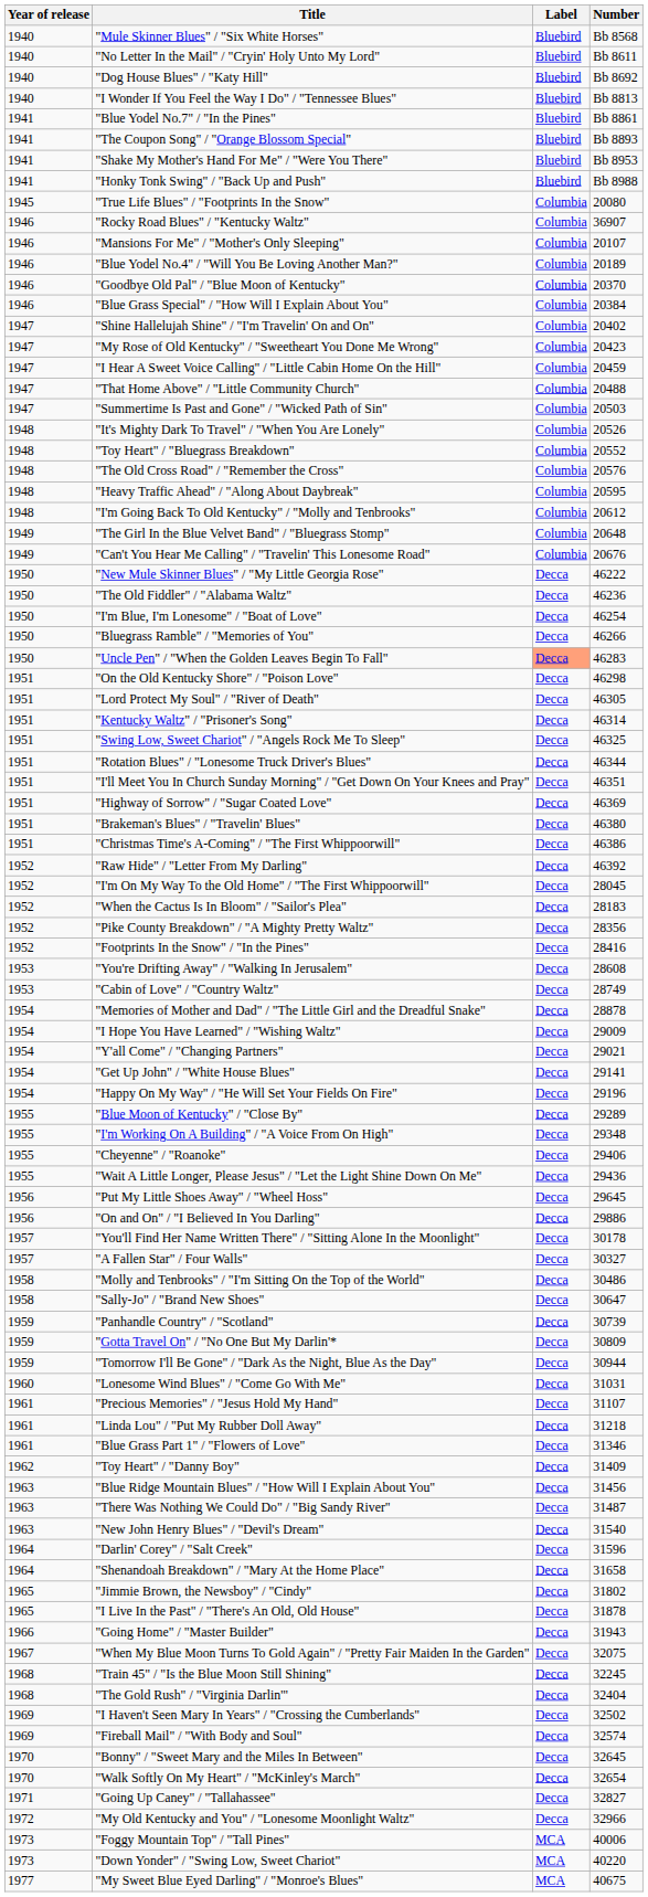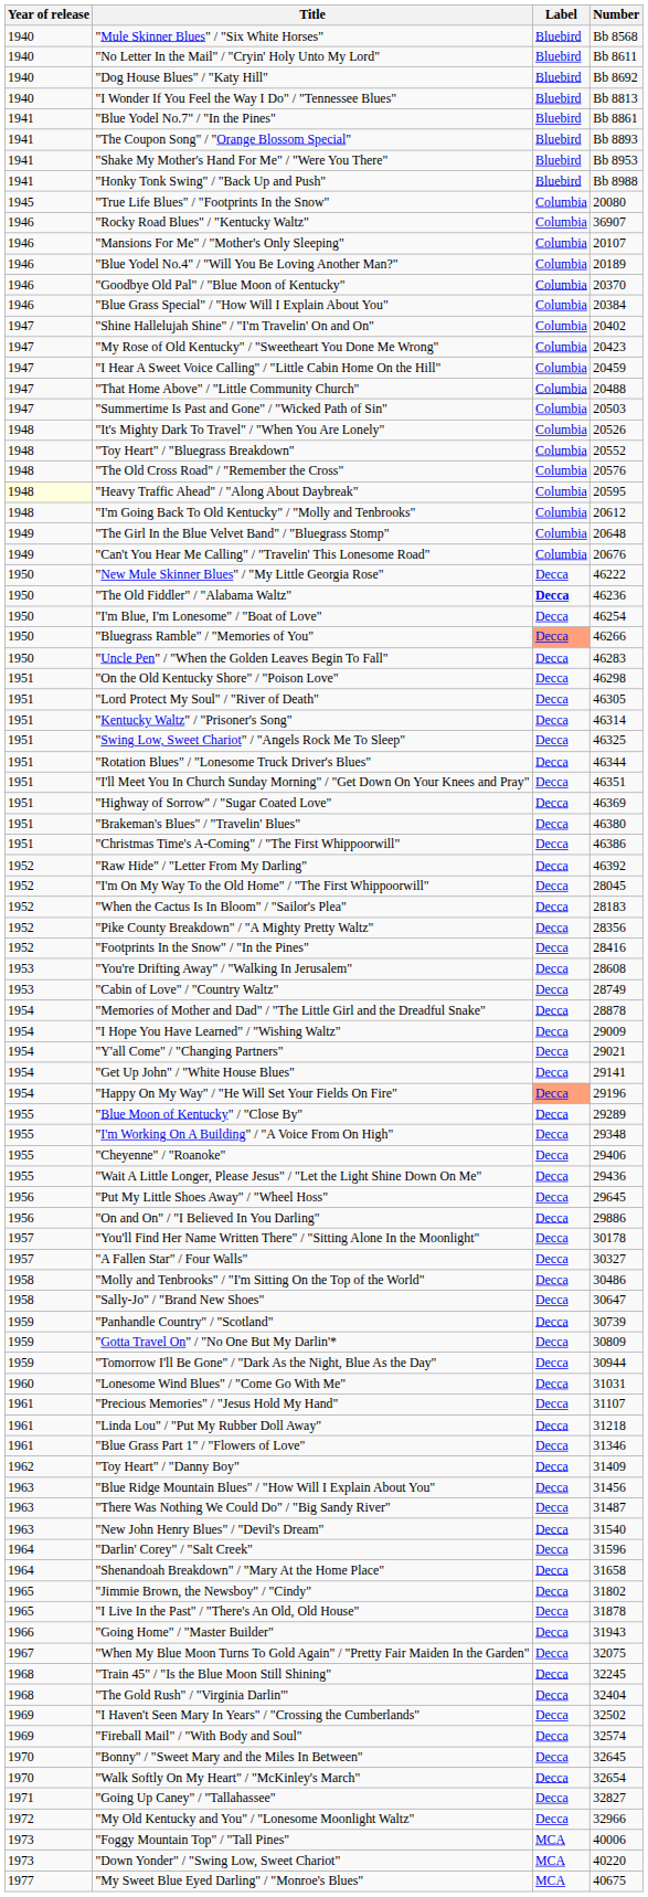 <table class="wikitable">
 <tr>
 <th>Year of release</th>
 <th>Title</th>
 <th>Label</th>
 <th>Number</th>
 </tr>
 <tr>
 <td>1940</td>
 <td>"<a href='#'>Mule Skinner Blues</a>" / "Six White Horses"</td>
 <td><a href='#'>Bluebird</a></td>
 <td>Bb 8568</td>
 </tr>
 <tr>
 <td>1940</td>
 <td>"No Letter In the Mail" / "Cryin' Holy Unto My Lord"</td>
 <td><a href='#'>Bluebird</a></td>
 <td>Bb 8611</td>
 </tr>
 <tr>
 <td>1940</td>
 <td>"Dog House Blues" / "Katy Hill"</td>
 <td><a href='#'>Bluebird</a></td>
 <td>Bb 8692</td>
 </tr>
 <tr>
 <td>1940</td>
 <td>"I Wonder If You Feel the Way I Do" / "Tennessee Blues"</td>
 <td><a href='#'>Bluebird</a></td>
 <td>Bb 8813</td>
 </tr>
 <tr>
 <td>1941</td>
 <td>"Blue Yodel No.7" / "In the Pines"</td>
 <td><a href='#'>Bluebird</a></td>
 <td>Bb 8861</td>
 </tr>
 <tr>
 <td>1941</td>
 <td>"The Coupon Song" / "<a href='#'>Orange Blossom Special</a>"</td>
 <td><a href='#'>Bluebird</a></td>
 <td>Bb 8893</td>
 </tr>
 <tr>
 <td>1941</td>
 <td>"Shake My Mother's Hand For Me" / "Were You There"</td>
 <td><a href='#'>Bluebird</a></td>
 <td>Bb 8953</td>
 </tr>
 <tr>
 <td>1941</td>
 <td>"Honky Tonk Swing" / "Back Up and Push"</td>
 <td><a href='#'>Bluebird</a></td>
 <td>Bb 8988</td>
 </tr>
 <tr>
 <td>1945</td>
 <td>"True Life Blues" / "Footprints In the Snow"</td>
 <td><a href='#'>Columbia</a></td>
 <td>20080</td>
 </tr>
 <tr>
 <td>1946</td>
 <td>"Rocky Road Blues" / "Kentucky Waltz"</td>
 <td><a href='#'>Columbia</a></td>
 <td>36907</td>
 </tr>
 <tr>
 <td>1946</td>
 <td>"Mansions For Me" / "Mother's Only Sleeping"</td>
 <td><a href='#'>Columbia</a></td>
 <td>20107</td>
 </tr>
 <tr>
 <td>1946</td>
 <td>"Blue Yodel No.4" / "Will You Be Loving Another Man?"</td>
 <td><a href='#'>Columbia</a></td>
 <td>20189</td>
 </tr>
 <tr>
 <td>1946</td>
 <td>"Goodbye Old Pal" / "Blue Moon of Kentucky"</td>
 <td><a href='#'>Columbia</a></td>
 <td>20370</td>
 </tr>
 <tr>
 <td>1946</td>
 <td>"Blue Grass Special" / "How Will I Explain About You"</td>
 <td><a href='#'>Columbia</a></td>
 <td>20384</td>
 </tr>
 <tr>
 <td>1947</td>
 <td>"Shine Hallelujah Shine" / "I'm Travelin' On and On"</td>
 <td><a href='#'>Columbia</a></td>
 <td>20402</td>
 </tr>
 <tr>
 <td>1947</td>
 <td>"My Rose of Old Kentucky" / "Sweetheart You Done Me Wrong"</td>
 <td><a href='#'>Columbia</a></td>
 <td>20423</td>
 </tr>
 <tr>
 <td>1947</td>
 <td>"I Hear A Sweet Voice Calling" / "Little Cabin Home On the Hill"</td>
 <td><a href='#'>Columbia</a></td>
 <td>20459</td>
 </tr>
 <tr>
 <td>1947</td>
 <td>"That Home Above" / "Little Community Church"</td>
 <td><a href='#'>Columbia</a></td>
 <td>20488</td>
 </tr>
 <tr>
 <td>1947</td>
 <td>"Summertime Is Past and Gone" / "Wicked Path of Sin"</td>
 <td><a href='#'>Columbia</a></td>
 <td>20503</td>
 </tr>
 <tr>
 <td>1948</td>
 <td>"It's Mighty Dark To Travel" / "When You Are Lonely"</td>
 <td><a href='#'>Columbia</a></td>
 <td>20526</td>
 </tr>
 <tr>
 <td>1948</td>
 <td>"Toy Heart" / "Bluegrass Breakdown"</td>
 <td><a href='#'>Columbia</a></td>
 <td>20552</td>
 </tr>
 <tr>
 <td>1948</td>
 <td>"The Old Cross Road" / "Remember the Cross"</td>
 <td><a href='#'>Columbia</a></td>
 <td>20576</td>
 </tr>
 <tr>
-<td>1948</td>
+<td style="background: lightyellow;">1948</td>
 <td>"Heavy Traffic Ahead" / "Along About Daybreak"</td>
 <td><a href='#'>Columbia</a></td>
 <td>20595</td>
 </tr>
 <tr>
 <td>1948</td>
 <td>"I'm Going Back To Old Kentucky" / "Molly and Tenbrooks"</td>
 <td><a href='#'>Columbia</a></td>
 <td>20612</td>
 </tr>
 <tr>
 <td>1949</td>
 <td>"The Girl In the Blue Velvet Band" / "Bluegrass Stomp"</td>
 <td><a href='#'>Columbia</a></td>
 <td>20648</td>
 </tr>
 <tr>
 <td>1949</td>
 <td>"Can't You Hear Me Calling" / "Travelin' This Lonesome Road"</td>
 <td><a href='#'>Columbia</a></td>
 <td>20676</td>
 </tr>
 <tr>
 <td>1950</td>
 <td>"<a href='#'>New Mule Skinner Blues</a>" / "My Little Georgia Rose"</td>
 <td><a href='#'>Decca</a></td>
 <td>46222</td>
 </tr>
 <tr>
 <td>1950</td>
 <td>"The Old Fiddler" / "Alabama Waltz"</td>
-<td><a href='#'>Decca</a></td>
+<td><strong><a href='#'>Decca</a></strong></td>
 <td>46236</td>
 </tr>
 <tr>
 <td>1950</td>
 <td>"I'm Blue, I'm Lonesome" / "Boat of Love"</td>
 <td><a href='#'>Decca</a></td>
 <td>46254</td>
 </tr>
 <tr>
 <td>1950</td>
 <td>"Bluegrass Ramble" / "Memories of You"</td>
-<td><a href='#'>Decca</a></td>
+<td style="background: lightsalmon;"><a href='#'>Decca</a></td>
 <td>46266</td>
 </tr>
 <tr>
 <td>1950</td>
 <td>"<a href='#'>Uncle Pen</a>" / "When the Golden Leaves Begin To Fall"</td>
-<td style="background: lightsalmon;"><a href='#'>Decca</a></td>
+<td><a href='#'>Decca</a></td>
 <td>46283</td>
 </tr>
 <tr>
 <td>1951</td>
 <td>"On the Old Kentucky Shore" / "Poison Love"</td>
 <td><a href='#'>Decca</a></td>
 <td>46298</td>
 </tr>
 <tr>
 <td>1951</td>
 <td>"Lord Protect My Soul" / "River of Death"</td>
 <td><a href='#'>Decca</a></td>
 <td>46305</td>
 </tr>
 <tr>
 <td>1951</td>
 <td>"<a href='#'>Kentucky Waltz</a>" / "Prisoner's Song"</td>
 <td><a href='#'>Decca</a></td>
 <td>46314</td>
 </tr>
 <tr>
 <td>1951</td>
 <td>"<a href='#'>Swing Low, Sweet Chariot</a>" / "Angels Rock Me To Sleep"</td>
 <td><a href='#'>Decca</a></td>
 <td>46325</td>
 </tr>
 <tr>
 <td>1951</td>
 <td>"Rotation Blues" / "Lonesome Truck Driver's Blues"</td>
 <td><a href='#'>Decca</a></td>
 <td>46344</td>
 </tr>
 <tr>
 <td>1951</td>
 <td>"I'll Meet You In Church Sunday Morning" / "Get Down On Your Knees and Pray"</td>
 <td><a href='#'>Decca</a></td>
 <td>46351</td>
 </tr>
 <tr>
 <td>1951</td>
 <td>"Highway of Sorrow" / "Sugar Coated Love"</td>
 <td><a href='#'>Decca</a></td>
 <td>46369</td>
 </tr>
 <tr>
 <td>1951</td>
 <td>"Brakeman's Blues" / "Travelin' Blues"</td>
 <td><a href='#'>Decca</a></td>
 <td>46380</td>
 </tr>
 <tr>
 <td>1951</td>
 <td>"Christmas Time's A-Coming" / "The First Whippoorwill"</td>
 <td><a href='#'>Decca</a></td>
 <td>46386</td>
 </tr>
 <tr>
 <td>1952</td>
 <td>"Raw Hide" / "Letter From My Darling"</td>
 <td><a href='#'>Decca</a></td>
 <td>46392</td>
 </tr>
 <tr>
 <td>1952</td>
 <td>"I'm On My Way To the Old Home" / "The First Whippoorwill"</td>
 <td><a href='#'>Decca</a></td>
 <td>28045</td>
 </tr>
 <tr>
 <td>1952</td>
 <td>"When the Cactus Is In Bloom" / "Sailor's Plea"</td>
 <td><a href='#'>Decca</a></td>
 <td>28183</td>
 </tr>
 <tr>
 <td>1952</td>
 <td>"Pike County Breakdown" / "A Mighty Pretty Waltz"</td>
 <td><a href='#'>Decca</a></td>
 <td>28356</td>
 </tr>
 <tr>
 <td>1952</td>
 <td>"Footprints In the Snow" / "In the Pines"</td>
 <td><a href='#'>Decca</a></td>
 <td>28416</td>
 </tr>
 <tr>
 <td>1953</td>
 <td>"You're Drifting Away" / "Walking In Jerusalem"</td>
 <td><a href='#'>Decca</a></td>
 <td>28608</td>
 </tr>
 <tr>
 <td>1953</td>
 <td>"Cabin of Love" / "Country Waltz"</td>
 <td><a href='#'>Decca</a></td>
 <td>28749</td>
 </tr>
 <tr>
 <td>1954</td>
 <td>"Memories of Mother and Dad" / "The Little Girl and the Dreadful Snake"</td>
 <td><a href='#'>Decca</a></td>
 <td>28878</td>
 </tr>
 <tr>
 <td>1954</td>
 <td>"I Hope You Have Learned" / "Wishing Waltz"</td>
 <td><a href='#'>Decca</a></td>
 <td>29009</td>
 </tr>
 <tr>
 <td>1954</td>
 <td>"Y'all Come" / "Changing Partners"</td>
 <td><a href='#'>Decca</a></td>
 <td>29021</td>
 </tr>
 <tr>
 <td>1954</td>
 <td>"Get Up John" / "White House Blues"</td>
 <td><a href='#'>Decca</a></td>
 <td>29141</td>
 </tr>
 <tr>
 <td>1954</td>
 <td>"Happy On My Way" / "He Will Set Your Fields On Fire"</td>
-<td><a href='#'>Decca</a></td>
+<td style="background: lightsalmon;"><a href='#'>Decca</a></td>
 <td>29196</td>
 </tr>
 <tr>
 <td>1955</td>
 <td>"<a href='#'>Blue Moon of Kentucky</a>" / "Close By"</td>
 <td><a href='#'>Decca</a></td>
 <td>29289</td>
 </tr>
 <tr>
 <td>1955</td>
 <td>"<a href='#'>I'm Working On A Building</a>" / "A Voice From On High"</td>
 <td><a href='#'>Decca</a></td>
 <td>29348</td>
 </tr>
 <tr>
 <td>1955</td>
 <td>"Cheyenne" / "Roanoke"</td>
 <td><a href='#'>Decca</a></td>
 <td>29406</td>
 </tr>
 <tr>
 <td>1955</td>
 <td>"Wait A Little Longer, Please Jesus" / "Let the Light Shine Down On Me"</td>
 <td><a href='#'>Decca</a></td>
 <td>29436</td>
 </tr>
 <tr>
 <td>1956</td>
 <td>"Put My Little Shoes Away" / "Wheel Hoss"</td>
 <td><a href='#'>Decca</a></td>
 <td>29645</td>
 </tr>
 <tr>
 <td>1956</td>
 <td>"On and On" / "I Believed In You Darling"</td>
 <td><a href='#'>Decca</a></td>
 <td>29886</td>
 </tr>
 <tr>
 <td>1957</td>
 <td>"You'll Find Her Name Written There" / "Sitting Alone In the Moonlight"</td>
 <td><a href='#'>Decca</a></td>
 <td>30178</td>
 </tr>
 <tr>
 <td>1957</td>
 <td>"A Fallen Star" / Four Walls"</td>
 <td><a href='#'>Decca</a></td>
 <td>30327</td>
 </tr>
 <tr>
 <td>1958</td>
 <td>"Molly and Tenbrooks" / "I'm Sitting On the Top of the World"</td>
 <td><a href='#'>Decca</a></td>
 <td>30486</td>
 </tr>
 <tr>
 <td>1958</td>
 <td>"Sally-Jo" / "Brand New Shoes"</td>
 <td><a href='#'>Decca</a></td>
 <td>30647</td>
 </tr>
 <tr>
 <td>1959</td>
 <td>"Panhandle Country" / "Scotland"</td>
 <td><a href='#'>Decca</a></td>
 <td>30739</td>
 </tr>
 <tr>
 <td>1959</td>
 <td>"<a href='#'>Gotta Travel On</a>" / "No One But My Darlin'*</td>
 <td><a href='#'>Decca</a></td>
 <td>30809</td>
 </tr>
 <tr>
 <td>1959</td>
 <td>"Tomorrow I'll Be Gone" / "Dark As the Night, Blue As the Day"</td>
 <td><a href='#'>Decca</a></td>
 <td>30944</td>
 </tr>
 <tr>
 <td>1960</td>
 <td>"Lonesome Wind Blues" / "Come Go With Me"</td>
 <td><a href='#'>Decca</a></td>
 <td>31031</td>
 </tr>
 <tr>
 <td>1961</td>
 <td>"Precious Memories" / "Jesus Hold My Hand"</td>
 <td><a href='#'>Decca</a></td>
 <td>31107</td>
 </tr>
 <tr>
 <td>1961</td>
 <td>"Linda Lou" / "Put My Rubber Doll Away"</td>
 <td><a href='#'>Decca</a></td>
 <td>31218</td>
 </tr>
 <tr>
 <td>1961</td>
 <td>"Blue Grass Part 1" / "Flowers of Love"</td>
 <td><a href='#'>Decca</a></td>
 <td>31346</td>
 </tr>
 <tr>
 <td>1962</td>
 <td>"Toy Heart" / "Danny Boy"</td>
 <td><a href='#'>Decca</a></td>
 <td>31409</td>
 </tr>
 <tr>
 <td>1963</td>
 <td>"Blue Ridge Mountain Blues" / "How Will I Explain About You"</td>
 <td><a href='#'>Decca</a></td>
 <td>31456</td>
 </tr>
 <tr>
 <td>1963</td>
 <td>"There Was Nothing We Could Do" / "Big Sandy River"</td>
 <td><a href='#'>Decca</a></td>
 <td>31487</td>
 </tr>
 <tr>
 <td>1963</td>
 <td>"New John Henry Blues" / "Devil's Dream"</td>
 <td><a href='#'>Decca</a></td>
 <td>31540</td>
 </tr>
 <tr>
 <td>1964</td>
 <td>"Darlin' Corey" / "Salt Creek"</td>
 <td><a href='#'>Decca</a></td>
 <td>31596</td>
 </tr>
 <tr>
 <td>1964</td>
 <td>"Shenandoah Breakdown" / "Mary At the Home Place"</td>
 <td><a href='#'>Decca</a></td>
 <td>31658</td>
 </tr>
 <tr>
 <td>1965</td>
 <td>"Jimmie Brown, the Newsboy" / "Cindy"</td>
 <td><a href='#'>Decca</a></td>
 <td>31802</td>
 </tr>
 <tr>
 <td>1965</td>
 <td>"I Live In the Past" / "There's An Old, Old House"</td>
 <td><a href='#'>Decca</a></td>
 <td>31878</td>
 </tr>
 <tr>
 <td>1966</td>
 <td>"Going Home" / "Master Builder"</td>
 <td><a href='#'>Decca</a></td>
 <td>31943</td>
 </tr>
 <tr>
 <td>1967</td>
 <td>"When My Blue Moon Turns To Gold Again" / "Pretty Fair Maiden In the Garden"</td>
 <td><a href='#'>Decca</a></td>
 <td>32075</td>
 </tr>
 <tr>
 <td>1968</td>
 <td>"Train 45" / "Is the Blue Moon Still Shining"</td>
 <td><a href='#'>Decca</a></td>
 <td>32245</td>
 </tr>
 <tr>
 <td>1968</td>
 <td>"The Gold Rush" / "Virginia Darlin'"</td>
 <td><a href='#'>Decca</a></td>
 <td>32404</td>
 </tr>
 <tr>
 <td>1969</td>
 <td>"I Haven't Seen Mary In Years" / "Crossing the Cumberlands"</td>
 <td><a href='#'>Decca</a></td>
 <td>32502</td>
 </tr>
 <tr>
 <td>1969</td>
 <td>"Fireball Mail" / "With Body and Soul"</td>
 <td><a href='#'>Decca</a></td>
 <td>32574</td>
 </tr>
 <tr>
 <td>1970</td>
 <td>"Bonny" / "Sweet Mary and the Miles In Between"</td>
 <td><a href='#'>Decca</a></td>
 <td>32645</td>
 </tr>
 <tr>
 <td>1970</td>
 <td>"Walk Softly On My Heart" / "McKinley's March"</td>
 <td><a href='#'>Decca</a></td>
 <td>32654</td>
 </tr>
 <tr>
 <td>1971</td>
 <td>"Going Up Caney" / "Tallahassee"</td>
 <td><a href='#'>Decca</a></td>
 <td>32827</td>
 </tr>
 <tr>
 <td>1972</td>
 <td>"My Old Kentucky and You" / "Lonesome Moonlight Waltz"</td>
 <td><a href='#'>Decca</a></td>
 <td>32966</td>
 </tr>
 <tr>
 <td>1973</td>
 <td>"Foggy Mountain Top" / "Tall Pines"</td>
 <td><a href='#'>MCA</a></td>
 <td>40006</td>
 </tr>
 <tr>
 <td>1973</td>
 <td>"Down Yonder" / "Swing Low, Sweet Chariot"</td>
 <td><a href='#'>MCA</a></td>
 <td>40220</td>
 </tr>
 <tr>
 <td>1977</td>
 <td>"My Sweet Blue Eyed Darling" / "Monroe's Blues"</td>
 <td><a href='#'>MCA</a></td>
 <td>40675</td>
 </tr>
 </table>
